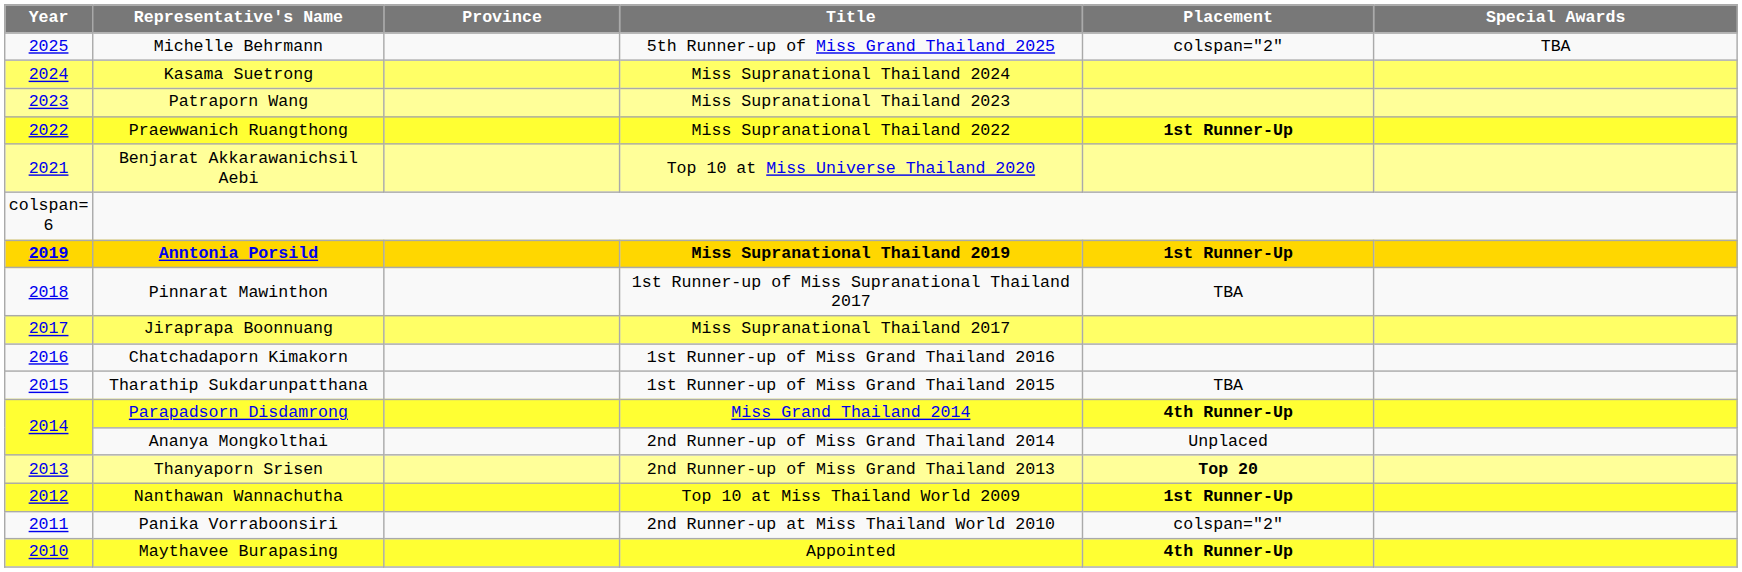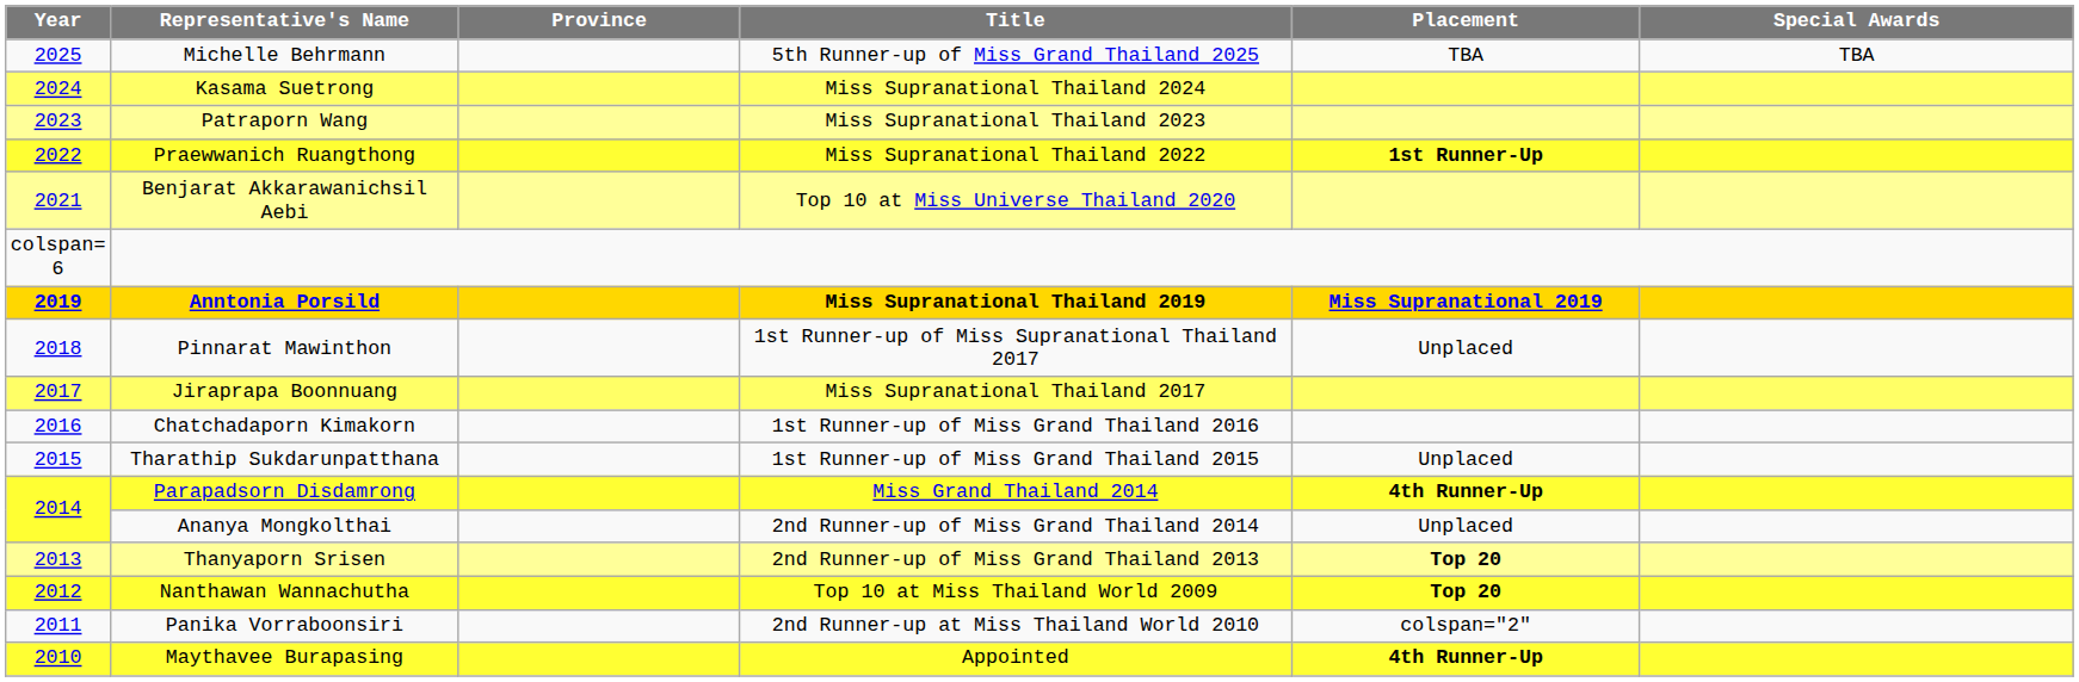 <table class="wikitable sortable" style="font-size: 90%; text-align:center">
 <tr>
 <th width="30" style="background-color:#787878;color:#FFFFFF;">Year</th>
 <th width="200" style="background-color:#787878;color:#FFFFFF;">Representative's Name</th>
 <th width="160" style="background-color:#787878;color:#FFFFFF;">Province</th>
 <th width="320" style="background-color:#787878;color:#FFFFFF;">Title</th>
 <th width="200" style="background-color:#787878;color:#FFFFFF;">Placement</th>
 <th width="250" style="background-color:#787878;color:#FFFFFF;">Special Awards</th>
 </tr>
 <tr>
 <td><a href='#'>2025</a></td>
 <td>Michelle Behrmann</td>
 <td align="left"></td>
 <td>5th Runner-up of <a href='#'>Miss Grand Thailand 2025</a></td>
-<td>colspan="2" </td>
+<td>TBA</td>
 <td>TBA</td>
 </tr>
 <tr style="background-color:#FFFF66; : bold">
 <td><a href='#'>2024</a></td>
 <td>Kasama Suetrong</td>
 <td align="left"></td>
 <td>Miss Supranational Thailand 2024</td>
 <td style="background:;"></td>
 <td style="background:;"></td>
 </tr>
 <tr style="background-color:#FFFF99; : bold">
 <td><a href='#'>2023</a></td>
 <td>Patraporn Wang</td>
 <td align="left"></td>
 <td>Miss Supranational Thailand 2023</td>
 <td style="background:;"></td>
 <td style="background:;"></td>
 </tr>
 <tr style="background-color:#FFFF33; : bold">
 <td><a href='#'>2022</a></td>
 <td>Praewwanich Ruangthong </td>
 <td align=left></td>
 <td>Miss Supranational Thailand 2022</td>
 <td><strong>1st Runner-Up</strong></td>
 <td style="background:;"></td>
 </tr>
 <tr style="background-color:#FFFF99; : bold">
 <td><a href='#'>2021</a></td>
 <td>Benjarat Akkarawanichsil Aebi</td>
 <td align=left></td>
 <td Miss Universe Thailand 2020>Top 10 at <a href='#'>Miss Universe Thailand 2020</a></td>
 <td style="background:;"></td>
 <td style="background:;"></td>
 </tr>
 <tr>
 <td>colspan= 6 </td>
 </tr>
 <tr style="background-color:gold; : bold">
 <td><strong><a href='#'>2019</a></strong></td>
 <td><strong><a href='#'>Anntonia Porsild</a></strong></td>
 <td align="left"><strong></strong></td>
 <td><strong>Miss Supranational Thailand 2019</strong></td>
-<td><strong>1st Runner-Up</strong></td>
+<td><strong><a href='#'>Miss Supranational 2019</a></strong></td>
 <td style="background:;"></td>
 </tr>
 <tr>
 <td><a href='#'>2018</a></td>
 <td>Pinnarat Mawinthon</td>
 <td align=left></td>
 <td>1st Runner-up of Miss Supranational Thailand 2017</td>
-<td>TBA</td>
+<td>Unplaced</td>
 <td></td>
 </tr>
 <tr style="background-color:#FFFF66; : bold">
 <td><a href='#'>2017</a></td>
 <td>Jiraprapa Boonnuang</td>
 <td align=left></td>
 <td>Miss Supranational Thailand 2017</td>
 <td style="background:;"></td>
 <td style="background:;"></td>
 </tr>
 <tr>
 <td><a href='#'>2016</a></td>
 <td>Chatchadaporn Kimakorn</td>
 <td align=left></td>
 <td>1st Runner-up of Miss Grand Thailand 2016</td>
 <td style="background:;"></td>
 <td style="background:;"></td>
 </tr>
 <tr>
 <td><a href='#'>2015</a></td>
 <td>Tharathip Sukdarunpatthana</td>
 <td align=left></td>
 <td>1st Runner-up of Miss Grand Thailand 2015</td>
-<td>TBA</td>
+<td>Unplaced</td>
 <td></td>
 </tr>
 <tr style="background-color:#FFFF33; : bold">
 <td rowspan="2"><a href='#'>2014</a></td>
 <td><a href='#'>Parapadsorn Disdamrong</a></td>
 <td align=left></td>
 <td><a href='#'>Miss Grand Thailand 2014</a></td>
 <td align="center"><strong>4th Runner-Up</strong></td>
 <td style="background:;"></td>
 </tr>
 <tr>
 <td>Ananya Mongkolthai</td>
 <td align=left></td>
 <td>2nd Runner-up of Miss Grand Thailand 2014</td>
 <td>Unplaced</td>
 </tr>
 <tr style="background-color:#FFFF99; : bold">
 <td><a href='#'>2013</a></td>
 <td>Thanyaporn Srisen </td>
 <td align=left></td>
 <td>2nd Runner-up of Miss Grand Thailand 2013</td>
 <td align="center"><strong>Top 20</strong></td>
 <td style="background:;"></td>
 </tr>
 <tr style="background-color:#FFFF33; : bold">
 <td><a href='#'>2012</a></td>
 <td>Nanthawan Wannachutha</td>
 <td align=left></td>
 <td>Top 10 at Miss Thailand World 2009</td>
-<td><strong>1st Runner-Up</strong></td>
+<td align="center"><strong>Top 20</strong></td>
 <td style="background:;"></td>
 </tr>
 <tr>
 <td><a href='#'>2011</a></td>
 <td>Panika Vorraboonsiri</td>
 <td align=left></td>
 <td>2nd Runner-up at Miss Thailand World 2010</td>
 <td>colspan="2" </td>
 <td></td>
 </tr>
 <tr style="background-color:#FFFF33; : bold">
 <td><a href='#'>2010</a></td>
 <td>Maythavee Burapasing</td>
 <td align=left></td>
 <td>Appointed</td>
 <td align="center"><strong>4th Runner-Up</strong></td>
 <td style="background:;"></td>
 </tr>
 </table>
